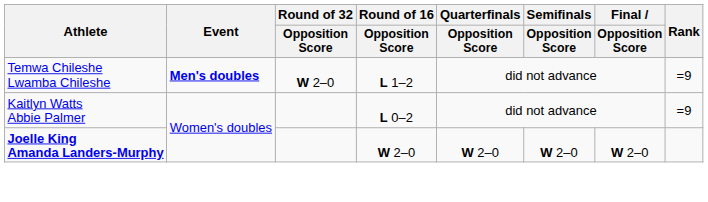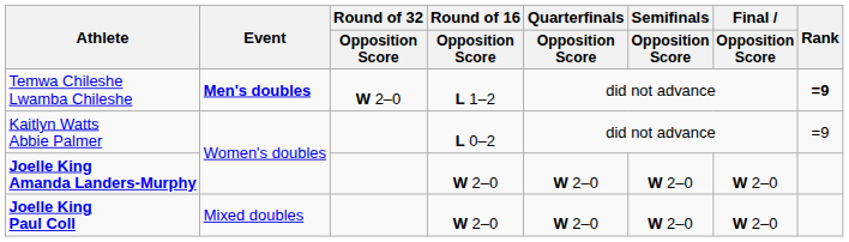 <table class=wikitable style=font-size:90%;text-align:center>
 <tr>
 <th rowspan=2>Athlete</th>
 <th rowspan=2>Event</th>
 <th>Round of 32</th>
 <th>Round of 16</th>
 <th>Quarterfinals</th>
 <th>Semifinals</th>
 <th>Final / </th>
 <th rowspan=2>Rank</th>
 </tr>
 <tr style=font-size:95%>
 <th>Opposition<br>Score</th>
 <th>Opposition<br>Score</th>
 <th>Opposition<br>Score</th>
 <th>Opposition<br>Score</th>
 <th>Opposition<br>Score</th>
 </tr>
 <tr>
 <td align=left><a href='#'>Temwa Chileshe</a> <br> <a href='#'>Lwamba Chileshe</a></td>
 <td align=left><strong><a href='#'>Men's doubles</a></strong></td>
 <td><br><strong>W</strong> 2–0</td>
 <td><br><strong>L</strong> 1–2</td>
 <td colspan=3>did not advance</td>
-<td>=9</td>
+<td><strong>=9</strong></td>
 </tr>
 <tr>
 <td align=left><a href='#'>Kaitlyn Watts</a> <br> <a href='#'>Abbie Palmer</a></td>
 <td align=left rowspan=2><a href='#'>Women's doubles</a></td>
 <td></td>
 <td><br><strong>L</strong> 0–2</td>
 <td colspan=3>did not advance</td>
 <td>=9</td>
 </tr>
 <tr>
 <td align=left><strong><a href='#'>Joelle King</a> <br> <a href='#'>Amanda Landers-Murphy</a></strong></td>
 <td></td>
 <td><br><strong>W</strong> 2–0</td>
 <td><br><strong>W</strong> 2–0</td>
 <td><br><strong>W</strong> 2–0</td>
 <td><br><strong>W</strong> 2–0</td>
 <td></td>
 </tr>
+<tr>
+<td align=left><strong><a href='#'>Joelle King</a> <br> <a href='#'>Paul Coll</a></strong></td>
+<td align=left><a href='#'>Mixed doubles</a></td>
+<td></td>
+<td><br><strong>W</strong> 2–0</td>
+<td><br><strong>W</strong> 2–0</td>
+<td><br><strong>W</strong> 2–0</td>
+<td><br><strong>W</strong> 2–0</td>
+<td></td>
+</tr>
 </table>
